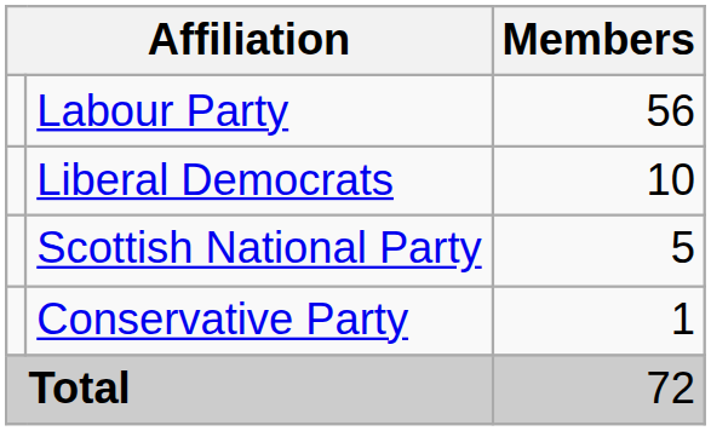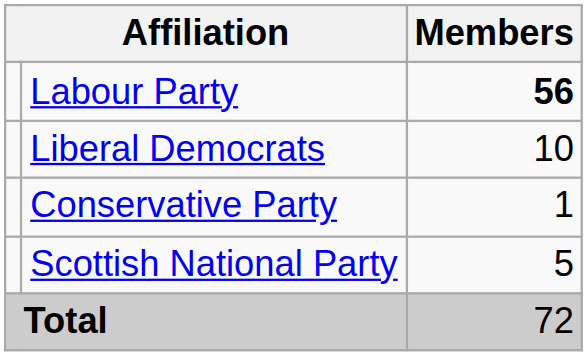 <table class="wikitable">
 <tr>
 <th colspan="2">Affiliation</th>
 <th>Members</th>
 </tr>
 <tr>
 <td style="color:inherit;background:"></td>
 <td><a href='#'>Labour Party</a></td>
-<td align="right">56</td>
+<td align="right"><strong>56</strong></td>
 </tr>
 <tr>
 <td style="color:inherit;background:"></td>
 <td><a href='#'>Liberal Democrats</a></td>
 <td align="right">10</td>
 </tr>
 <tr>
 <td style="color:inherit;background:"></td>
-<td><a href='#'>Scottish National Party</a></td>
-<td align="right">5</td>
+<td><a href='#'>Conservative Party</a></td>
+<td align="right">1</td>
 </tr>
 <tr>
 <td style="color:inherit;background:"></td>
-<td><a href='#'>Conservative Party</a></td>
-<td align="right">1</td>
+<td><a href='#'>Scottish National Party</a></td>
+<td align="right">5</td>
 </tr>
 <tr bgcolor="CCCCCC">
 <td colspan="2" rowspan="1"> <strong>Total</strong></td>
 <td align="right">72</td>
 </tr>
 </table>
